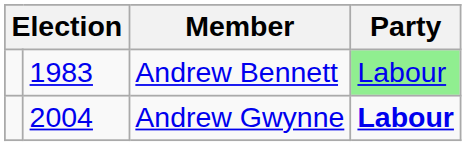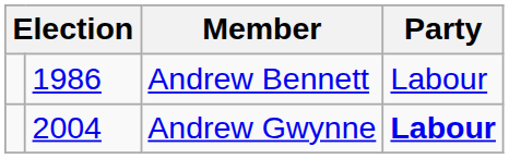 <table class="wikitable">
 <tr>
 <th colspan="2">Election</th>
 <th>Member</th>
 <th>Party</th>
 </tr>
 <tr>
 <td style="color:inherit;background-color: "></td>
-<td><a href='#'>1983</a></td>
+<td><a href='#'>1986</a></td>
 <td><a href='#'>Andrew Bennett</a></td>
-<td style="background: lightgreen;"><a href='#'>Labour</a></td>
+<td><a href='#'>Labour</a></td>
 </tr>
 <tr>
 <td style="color:inherit;background-color: "></td>
 <td><a href='#'>2004</a></td>
 <td><a href='#'>Andrew Gwynne</a></td>
 <td><strong><a href='#'>Labour</a></strong></td>
 </tr>
 </table>
